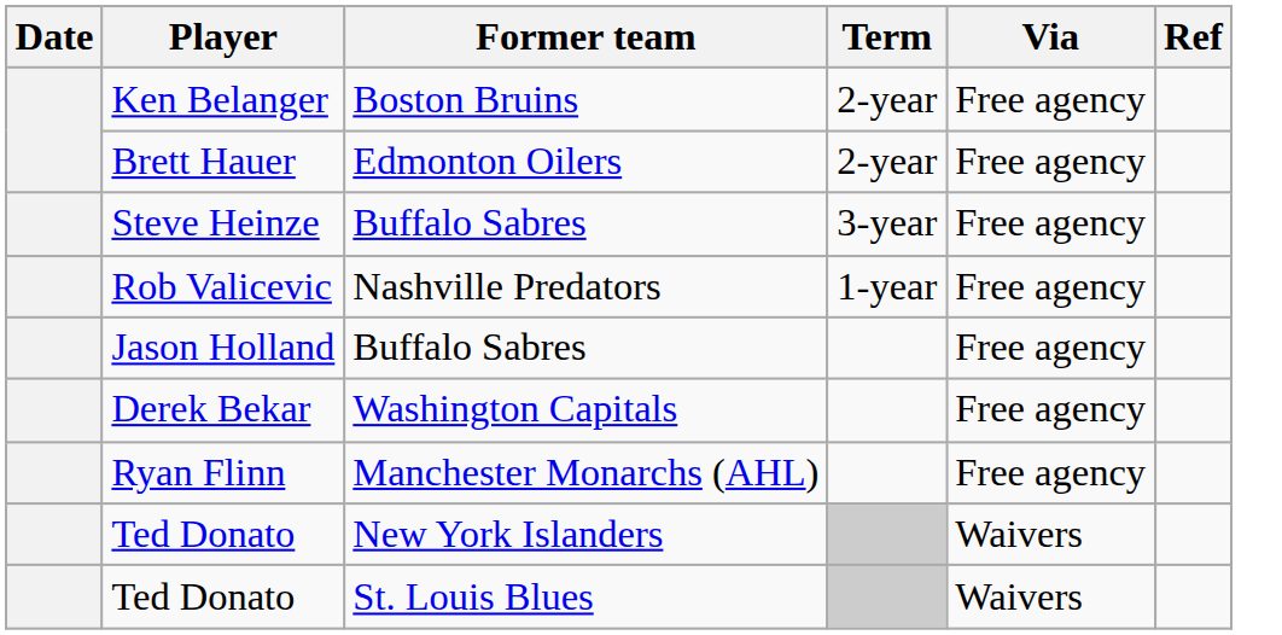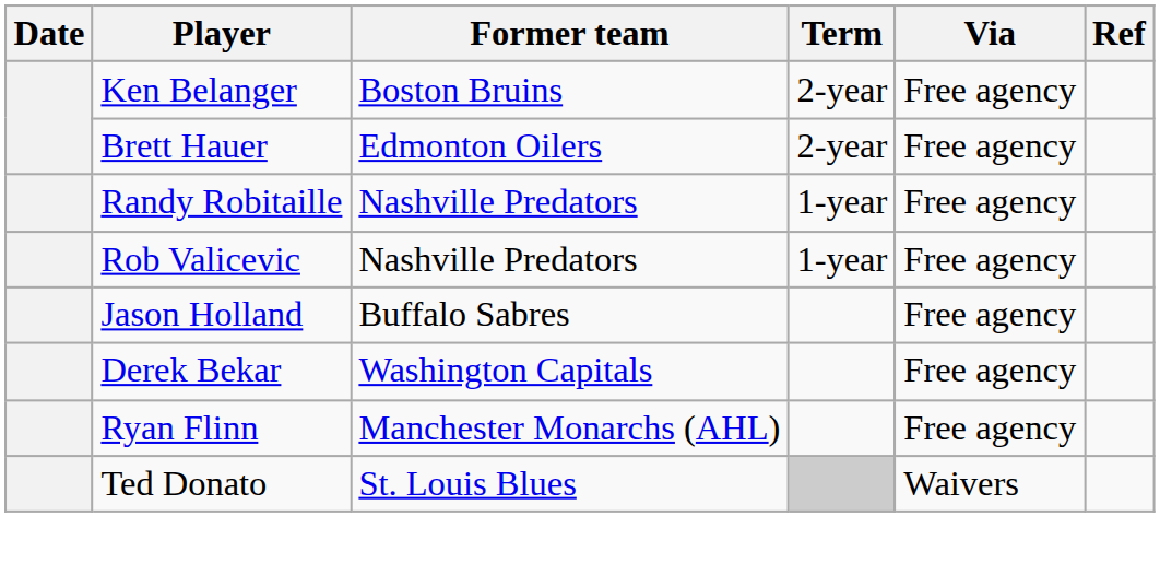 <table class="wikitable plainrowheaders">
 <tr style="background:#ddd; text-align:center;">
 <th>Date</th>
 <th>Player</th>
 <th>Former team</th>
 <th>Term</th>
 <th>Via</th>
 <th>Ref</th>
 </tr>
 <tr>
 <th scope="row" rowspan=2></th>
 <td><a href='#'>Ken Belanger</a></td>
 <td><a href='#'>Boston Bruins</a></td>
 <td>2-year</td>
 <td>Free agency</td>
 <td></td>
 </tr>
 <tr>
 <td><a href='#'>Brett Hauer</a></td>
 <td><a href='#'>Edmonton Oilers</a></td>
 <td>2-year</td>
 <td>Free agency</td>
 <td></td>
 </tr>
 <tr>
 <th scope="row"></th>
-<td><a href='#'>Steve Heinze</a></td>
-<td><a href='#'>Buffalo Sabres</a></td>
-<td>3-year</td>
+<td><a href='#'>Randy Robitaille</a></td>
+<td><a href='#'>Nashville Predators</a></td>
+<td>1-year</td>
 <td>Free agency</td>
 <td></td>
 </tr>
 <tr>
 <th scope="row"></th>
 <td><a href='#'>Rob Valicevic</a></td>
 <td>Nashville Predators</td>
 <td>1-year</td>
 <td>Free agency</td>
 <td></td>
 </tr>
 <tr>
 <th scope="row"></th>
 <td><a href='#'>Jason Holland</a></td>
 <td>Buffalo Sabres</td>
 <td></td>
 <td>Free agency</td>
 <td></td>
 </tr>
 <tr>
 <th scope="row"></th>
 <td><a href='#'>Derek Bekar</a></td>
 <td><a href='#'>Washington Capitals</a></td>
 <td></td>
 <td>Free agency</td>
 <td></td>
 </tr>
 <tr>
 <th scope="row"></th>
 <td><a href='#'>Ryan Flinn</a></td>
 <td><a href='#'>Manchester Monarchs</a> (<a href='#'>AHL</a>)</td>
 <td></td>
 <td>Free agency</td>
 <td></td>
 </tr>
 <tr>
 <th scope="row"></th>
-<td><a href='#'>Ted Donato</a></td>
-<td><a href='#'>New York Islanders</a></td>
-<td style="background:#ccc"></td>
-<td>Waivers</td>
-<td></td>
-</tr>
-<tr>
-<th scope="row"></th>
 <td>Ted Donato</td>
 <td><a href='#'>St. Louis Blues</a></td>
 <td style="background:#ccc"></td>
 <td>Waivers</td>
 <td></td>
 </tr>
 </table>
